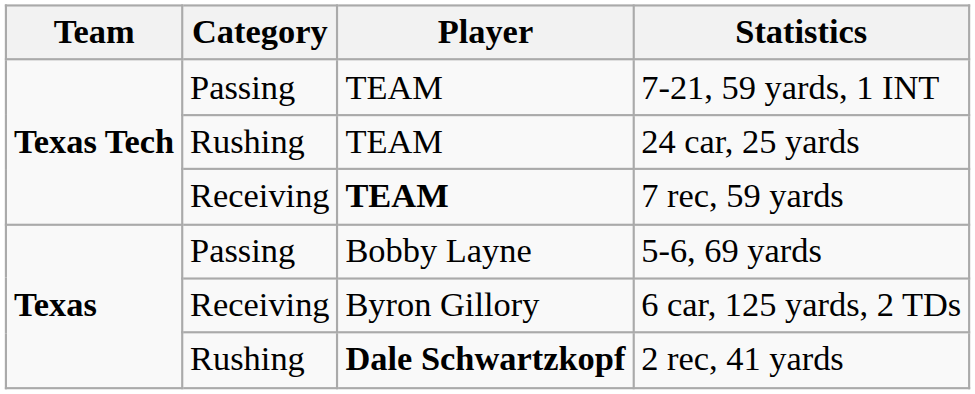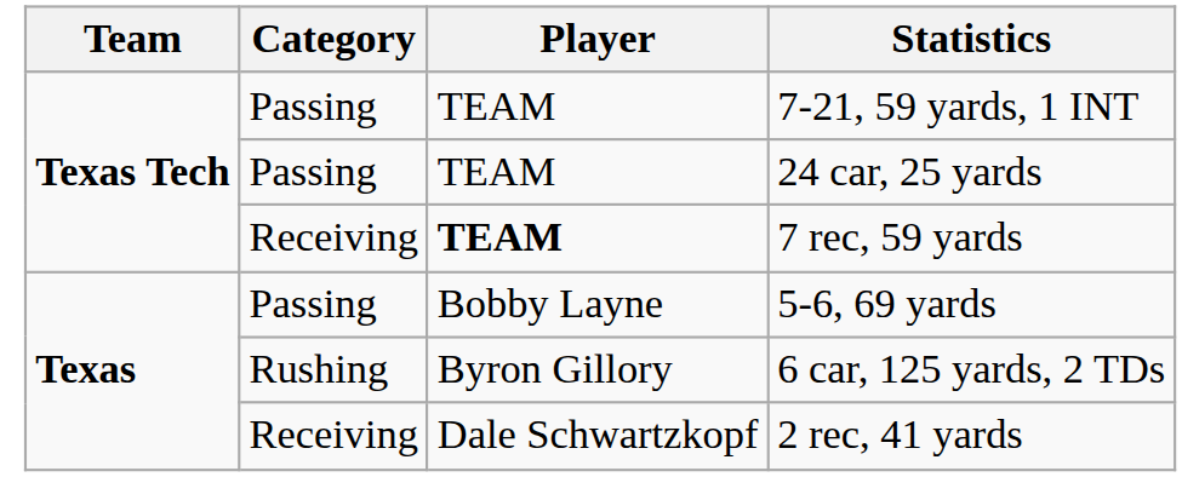 <table class="wikitable" style="float: right;">
 <tr>
 <th>Team</th>
 <th>Category</th>
 <th>Player</th>
 <th>Statistics</th>
 </tr>
 <tr>
 <td rowspan=3><strong>Texas Tech</strong></td>
 <td>Passing</td>
 <td>TEAM</td>
 <td>7-21, 59 yards, 1 INT</td>
 </tr>
 <tr>
-<td>Rushing</td>
+<td>Passing</td>
 <td>TEAM</td>
 <td>24 car, 25 yards</td>
 </tr>
 <tr>
 <td>Receiving</td>
 <td><strong>TEAM</strong></td>
 <td>7 rec, 59 yards</td>
 </tr>
 <tr>
 <td rowspan=3><strong>Texas</strong></td>
 <td>Passing</td>
 <td>Bobby Layne</td>
 <td>5-6, 69 yards</td>
 </tr>
 <tr>
-<td>Receiving</td>
+<td>Rushing</td>
 <td>Byron Gillory</td>
 <td>6 car, 125 yards, 2 TDs</td>
 </tr>
 <tr>
-<td>Rushing</td>
-<td><strong>Dale Schwartzkopf</strong></td>
+<td>Receiving</td>
+<td>Dale Schwartzkopf</td>
 <td>2 rec, 41 yards</td>
 </tr>
 </table>
